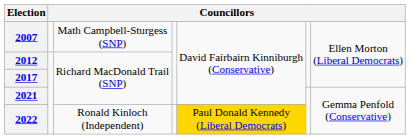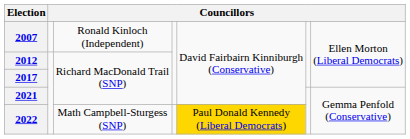 <table class="wikitable" style="text-align:center">
 <tr>
 <th>Election</th>
 <th colspan="6">Councillors</th>
 </tr>
 <tr>
 <th><a href='#'>2007</a></th>
 <td rowspan=1; style="background-color: "></td>
-<td rowspan=1>Math Campbell-Sturgess <br>(<a href='#'>SNP</a>)</td>
+<td rowspan=1>Ronald Kinloch<br>(Independent)</td>
 <td rowspan=4; style="background-color: "></td>
 <td rowspan=4>David Fairbairn Kinniburgh<br>(<a href='#'>Conservative</a>)</td>
 <td rowspan=3; style="background-color: "></td>
 <td rowspan=3>Ellen Morton<br>(<a href='#'>Liberal Democrats</a>)</td>
 </tr>
 <tr>
 <th><a href='#'>2012</a></th>
 <td rowspan=4; style="background-color: "></td>
 <td rowspan=3>Richard MacDonald Trail <br>(<a href='#'>SNP</a>)</td>
 </tr>
 <tr>
 <th><a href='#'>2017</a></th>
 </tr>
 <tr>
 <th><a href='#'>2021</a></th>
 <td rowspan=2; style="background-color: "></td>
 <td rowspan=2>Gemma Penfold<br>(<a href='#'>Conservative</a>)</td>
 </tr>
 <tr>
 <th><a href='#'>2022</a></th>
-<td rowspan=1>Ronald Kinloch<br>(Independent)</td>
+<td rowspan=1>Math Campbell-Sturgess <br>(<a href='#'>SNP</a>)</td>
 <td rowspan=1; style="background-color: "></td>
 <td rowspan=1 style="background: gold;">Paul Donald Kennedy<br>(<a href='#'>Liberal Democrats</a>)</td>
 </tr>
 </table>
